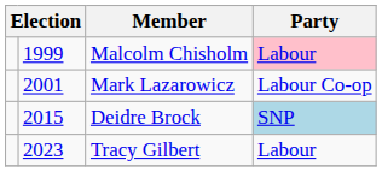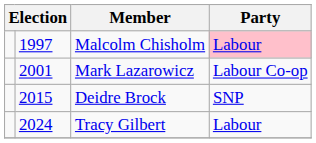 <table class="wikitable">
 <tr>
 <th colspan="2">Election</th>
 <th>Member</th>
 <th>Party</th>
 </tr>
 <tr>
 <td style="color:inherit;background-color: "></td>
-<td><a href='#'>1999</a></td>
+<td><a href='#'>1997</a></td>
 <td><a href='#'>Malcolm Chisholm</a></td>
 <td style="background: pink;"><a href='#'>Labour</a></td>
 </tr>
 <tr>
 <td style="color:inherit;background-color: "></td>
 <td><a href='#'>2001</a></td>
 <td><a href='#'>Mark Lazarowicz</a></td>
 <td><a href='#'>Labour Co-op</a></td>
 </tr>
 <tr>
 <td style="color:inherit;background-color: "></td>
 <td><a href='#'>2015</a></td>
 <td><a href='#'>Deidre Brock</a></td>
-<td style="background: lightblue;"><a href='#'>SNP</a></td>
+<td><a href='#'>SNP</a></td>
 </tr>
 <tr>
 <td style="color:inherit;background-color: "></td>
-<td><a href='#'>2023</a></td>
+<td><a href='#'>2024</a></td>
 <td><a href='#'>Tracy Gilbert</a></td>
 <td><a href='#'>Labour</a></td>
 </tr>
 <tr>
 </tr>
 </table>
